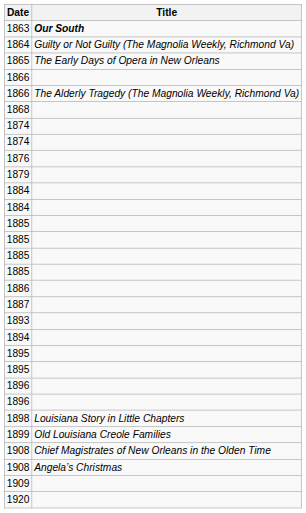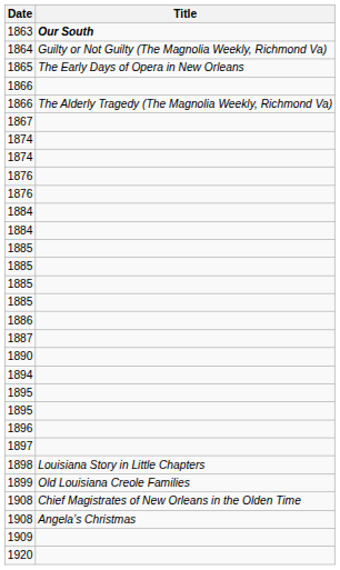 <table class="wikitable">
 <tr>
 <th>Date</th>
 <th>Title</th>
 </tr>
 <tr>
 <td>1863</td>
 <td><strong><em>Our South</em></strong></td>
 </tr>
 <tr>
 <td>1864</td>
 <td><em>Guilty or Not Guilty (The Magnolia Weekly, Richmond Va)</em></td>
 </tr>
 <tr>
 <td>1865</td>
 <td><em>The Early Days of Opera in New Orleans</em></td>
 </tr>
 <tr>
 <td>1866</td>
 <td></td>
 </tr>
 <tr>
 <td>1866</td>
 <td><em>The Alderly Tragedy (The Magnolia Weekly, Richmond Va)</em></td>
 </tr>
 <tr>
-<td>1868</td>
+<td>1867</td>
 <td></td>
 </tr>
 <tr>
 <td>1874</td>
 <td></td>
 </tr>
 <tr>
 <td>1874</td>
 <td></td>
 </tr>
 <tr>
 <td>1876</td>
 <td></td>
 </tr>
 <tr>
-<td>1879</td>
+<td>1876</td>
 <td></td>
 </tr>
 <tr>
 <td>1884</td>
 <td></td>
 </tr>
 <tr>
 <td>1884</td>
 <td></td>
 </tr>
 <tr>
 <td>1885</td>
 <td></td>
 </tr>
 <tr>
 <td>1885</td>
 <td></td>
 </tr>
 <tr>
 <td>1885</td>
 <td></td>
 </tr>
 <tr>
 <td>1885</td>
 <td></td>
 </tr>
 <tr>
 <td>1886</td>
 <td></td>
 </tr>
 <tr>
 <td>1887</td>
 <td></td>
 </tr>
 <tr>
-<td>1893</td>
+<td>1890</td>
 <td></td>
 </tr>
 <tr>
 <td>1894</td>
 <td></td>
 </tr>
 <tr>
 <td>1895</td>
 <td></td>
 </tr>
 <tr>
 <td>1895</td>
 <td></td>
 </tr>
 <tr>
 <td>1896</td>
 <td></td>
 </tr>
 <tr>
-<td>1896</td>
+<td>1897</td>
 <td></td>
 </tr>
 <tr>
 <td>1898</td>
 <td><em>Louisiana Story in Little Chapters</em></td>
 </tr>
 <tr>
 <td>1899</td>
 <td><em>Old Louisiana Creole Families</em></td>
 </tr>
 <tr>
 <td>1908</td>
 <td><em>Chief Magistrates of New Orleans in the Olden Time</em></td>
 </tr>
 <tr>
 <td>1908</td>
 <td><em>Angela’s Christmas</em></td>
 </tr>
 <tr>
 <td>1909</td>
 <td></td>
 </tr>
 <tr>
 <td>1920</td>
 <td></td>
 </tr>
 </table>
